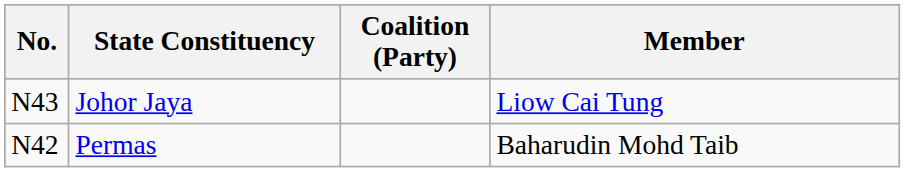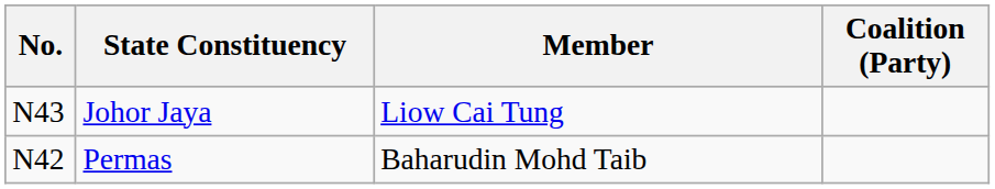 <table class="wikitable sortable">
 <tr>
 <th width="30">No.</th>
 <th width="150">State Constituency</th>
+<th width="230">Member</th>
 <th width="80">Coalition (Party)</th>
-<th width="230">Member</th>
 </tr>
 <tr>
 <td>N43</td>
 <td><a href='#'>Johor Jaya</a></td>
+<td><a href='#'>Liow Cai Tung</a></td>
 <td></td>
-<td><a href='#'>Liow Cai Tung</a></td>
 </tr>
 <tr>
 <td>N42</td>
 <td><a href='#'>Permas</a></td>
+<td>Baharudin Mohd Taib</td>
 <td></td>
-<td>Baharudin Mohd Taib</td>
 </tr>
 </table>
